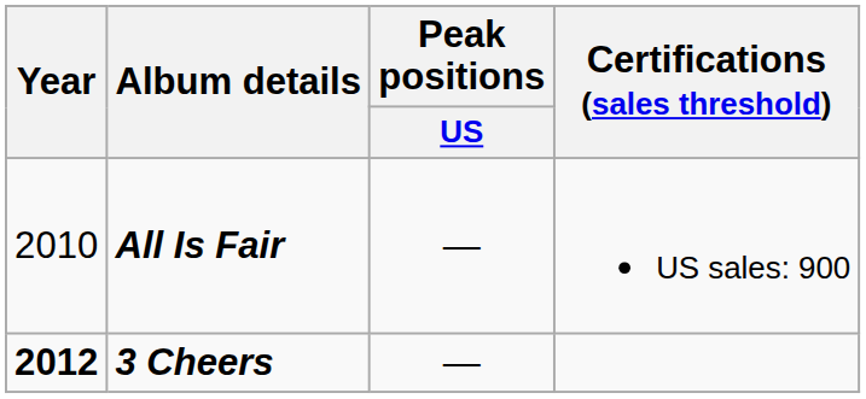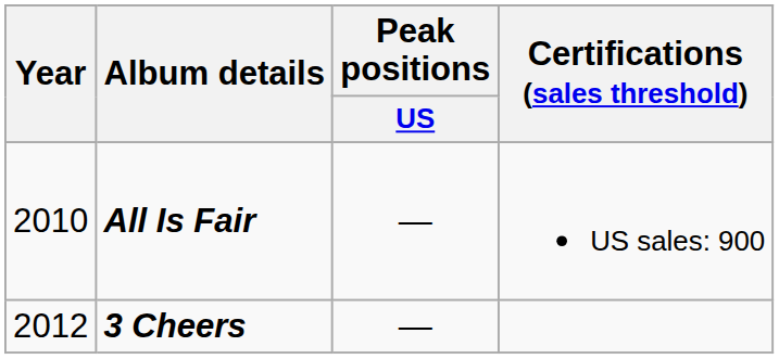 <table class="wikitable" style="text-align:center;">
 <tr>
 <th rowspan="2">Year</th>
 <th rowspan="2">Album details</th>
 <th>Peak positions</th>
 <th rowspan="2">Certifications<br><small>(<a href='#'>sales threshold</a>)</small></th>
 </tr>
 <tr style="font-size:smaller;">
 <th width="40"><a href='#'>US</a></th>
 </tr>
 <tr>
 <td>2010</td>
 <td align="left"><strong><em>All Is Fair</em></strong><br></td>
 <td>—</td>
 <td align="left"><br><ul><li><small>US sales: 900</small></li></ul></td>
 </tr>
 <tr>
-<td><strong>2012</strong></td>
+<td>2012</td>
 <td align="left"><strong><em>3 Cheers</em></strong><br></td>
 <td>—</td>
 <td align="left"></td>
 </tr>
 </table>
